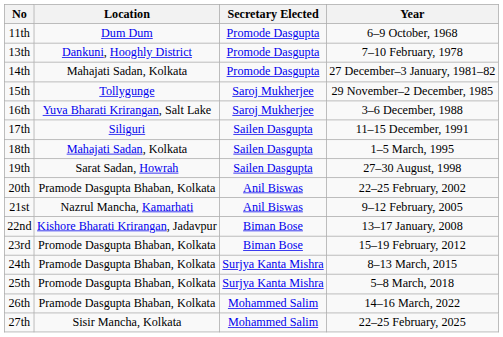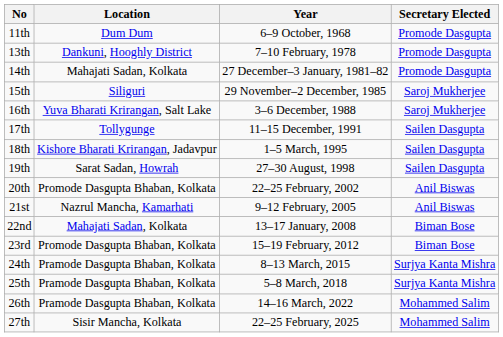 <table class ="wikitable" style="text-align:center">
 <tr>
 <th Style="background-color:">No</th>
 <th Style="background-color:">Location</th>
+<th Style="background-color:">Year</th>
 <th Style="background-color:">Secretary Elected</th>
-<th Style="background-color:">Year</th>
 </tr>
 <tr>
 <td>11th</td>
 <td><a href='#'>Dum Dum</a></td>
+<td>6–9 October, 1968</td>
 <td><a href='#'>Promode Dasgupta</a></td>
-<td>6–9 October, 1968</td>
 </tr>
 <tr>
 <td>13th</td>
 <td><a href='#'>Dankuni</a>, <a href='#'>Hooghly District</a></td>
+<td>7–10 February, 1978</td>
 <td><a href='#'>Promode Dasgupta</a></td>
-<td>7–10 February, 1978</td>
 </tr>
 <tr>
 <td>14th</td>
 <td>Mahajati Sadan, Kolkata</td>
+<td>27 December–3 January, 1981–82</td>
 <td><a href='#'>Promode Dasgupta</a></td>
-<td>27 December–3 January, 1981–82</td>
 </tr>
 <tr>
 <td>15th</td>
-<td><a href='#'>Tollygunge</a></td>
+<td><a href='#'>Siliguri</a></td>
+<td>29 November–2 December, 1985</td>
 <td><a href='#'>Saroj Mukherjee</a></td>
-<td>29 November–2 December, 1985</td>
 </tr>
 <tr>
 <td>16th</td>
 <td><a href='#'>Yuva Bharati Krirangan</a>, Salt Lake</td>
+<td>3–6 December, 1988</td>
 <td><a href='#'>Saroj Mukherjee</a></td>
-<td>3–6 December, 1988</td>
 </tr>
 <tr>
 <td>17th</td>
-<td><a href='#'>Siliguri</a></td>
+<td><a href='#'>Tollygunge</a></td>
+<td>11–15 December, 1991</td>
 <td><a href='#'>Sailen Dasgupta</a></td>
-<td>11–15 December, 1991</td>
 </tr>
 <tr>
 <td>18th</td>
-<td><a href='#'>Mahajati Sadan</a>, Kolkata</td>
+<td><a href='#'>Kishore Bharati Krirangan</a>, Jadavpur</td>
+<td>1–5 March, 1995</td>
 <td><a href='#'>Sailen Dasgupta</a></td>
-<td>1–5 March, 1995</td>
 </tr>
 <tr>
 <td>19th</td>
 <td>Sarat Sadan, <a href='#'>Howrah</a></td>
+<td>27–30 August, 1998</td>
 <td><a href='#'>Sailen Dasgupta</a></td>
-<td>27–30 August, 1998</td>
 </tr>
 <tr>
 <td>20th</td>
-<td>Pramode Dasgupta Bhaban, Kolkata</td>
+<td>Promode Dasgupta Bhaban, Kolkata</td>
+<td>22–25 February, 2002</td>
 <td><a href='#'>Anil Biswas</a></td>
-<td>22–25 February, 2002</td>
 </tr>
 <tr>
 <td>21st</td>
 <td>Nazrul Mancha, <a href='#'>Kamarhati</a></td>
+<td>9–12 February, 2005</td>
 <td><a href='#'>Anil Biswas</a></td>
-<td>9–12 February, 2005</td>
 </tr>
 <tr>
 <td>22nd</td>
-<td><a href='#'>Kishore Bharati Krirangan</a>, Jadavpur</td>
+<td><a href='#'>Mahajati Sadan</a>, Kolkata</td>
+<td>13–17 January, 2008</td>
 <td><a href='#'>Biman Bose</a></td>
-<td>13–17 January, 2008</td>
 </tr>
 <tr>
 <td>23rd</td>
 <td>Promode Dasgupta Bhaban, Kolkata</td>
+<td>15–19 February, 2012</td>
 <td><a href='#'>Biman Bose</a></td>
-<td>15–19 February, 2012</td>
 </tr>
 <tr>
 <td>24th</td>
 <td>Pramode Dasgupta Bhaban, Kolkata</td>
+<td>8–13 March, 2015</td>
 <td><a href='#'>Surjya Kanta Mishra</a></td>
-<td>8–13 March, 2015</td>
 </tr>
 <tr>
 <td>25th</td>
-<td>Promode Dasgupta Bhaban, Kolkata</td>
+<td>Pramode Dasgupta Bhaban, Kolkata</td>
+<td>5–8 March, 2018</td>
 <td><a href='#'>Surjya Kanta Mishra</a></td>
-<td>5–8 March, 2018</td>
 </tr>
 <tr>
 <td>26th</td>
 <td>Pramode Dasgupta Bhaban, Kolkata</td>
+<td>14–16 March, 2022</td>
 <td><a href='#'>Mohammed Salim</a></td>
-<td>14–16 March, 2022</td>
 </tr>
 <tr>
 <td>27th</td>
 <td>Sisir Mancha, Kolkata</td>
+<td>22–25 February, 2025</td>
 <td><a href='#'>Mohammed Salim</a></td>
-<td>22–25 February, 2025</td>
 </tr>
 </table>
